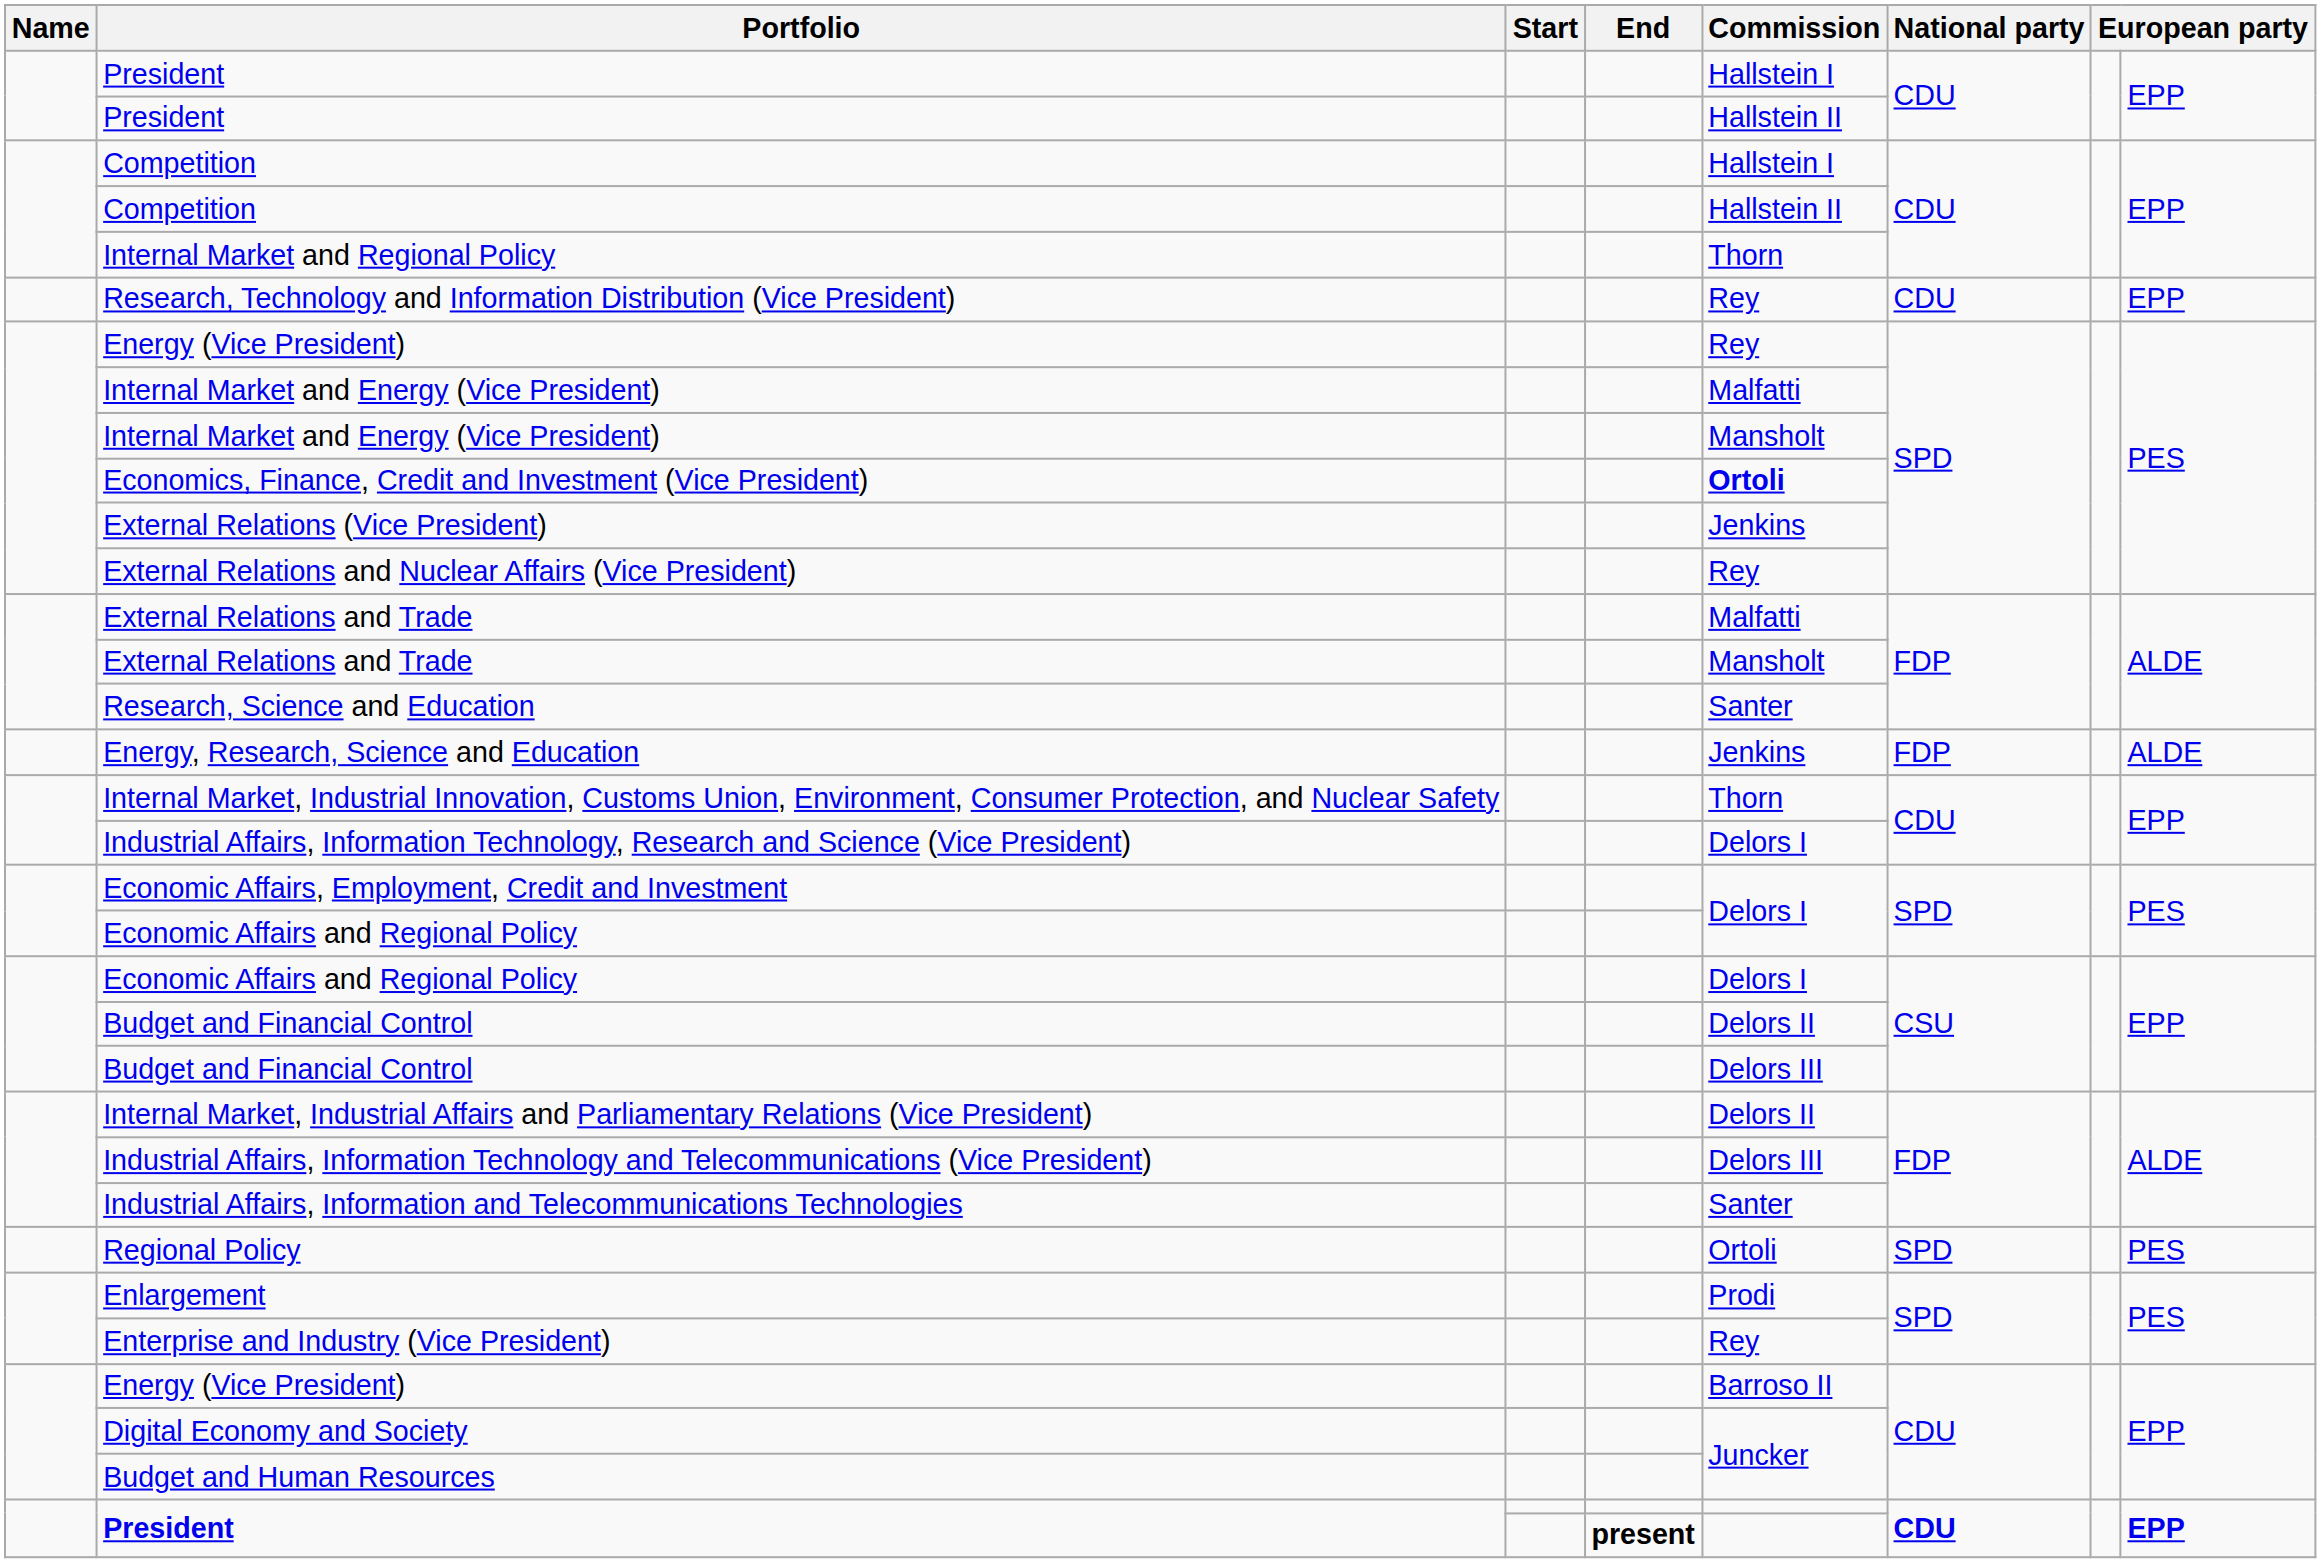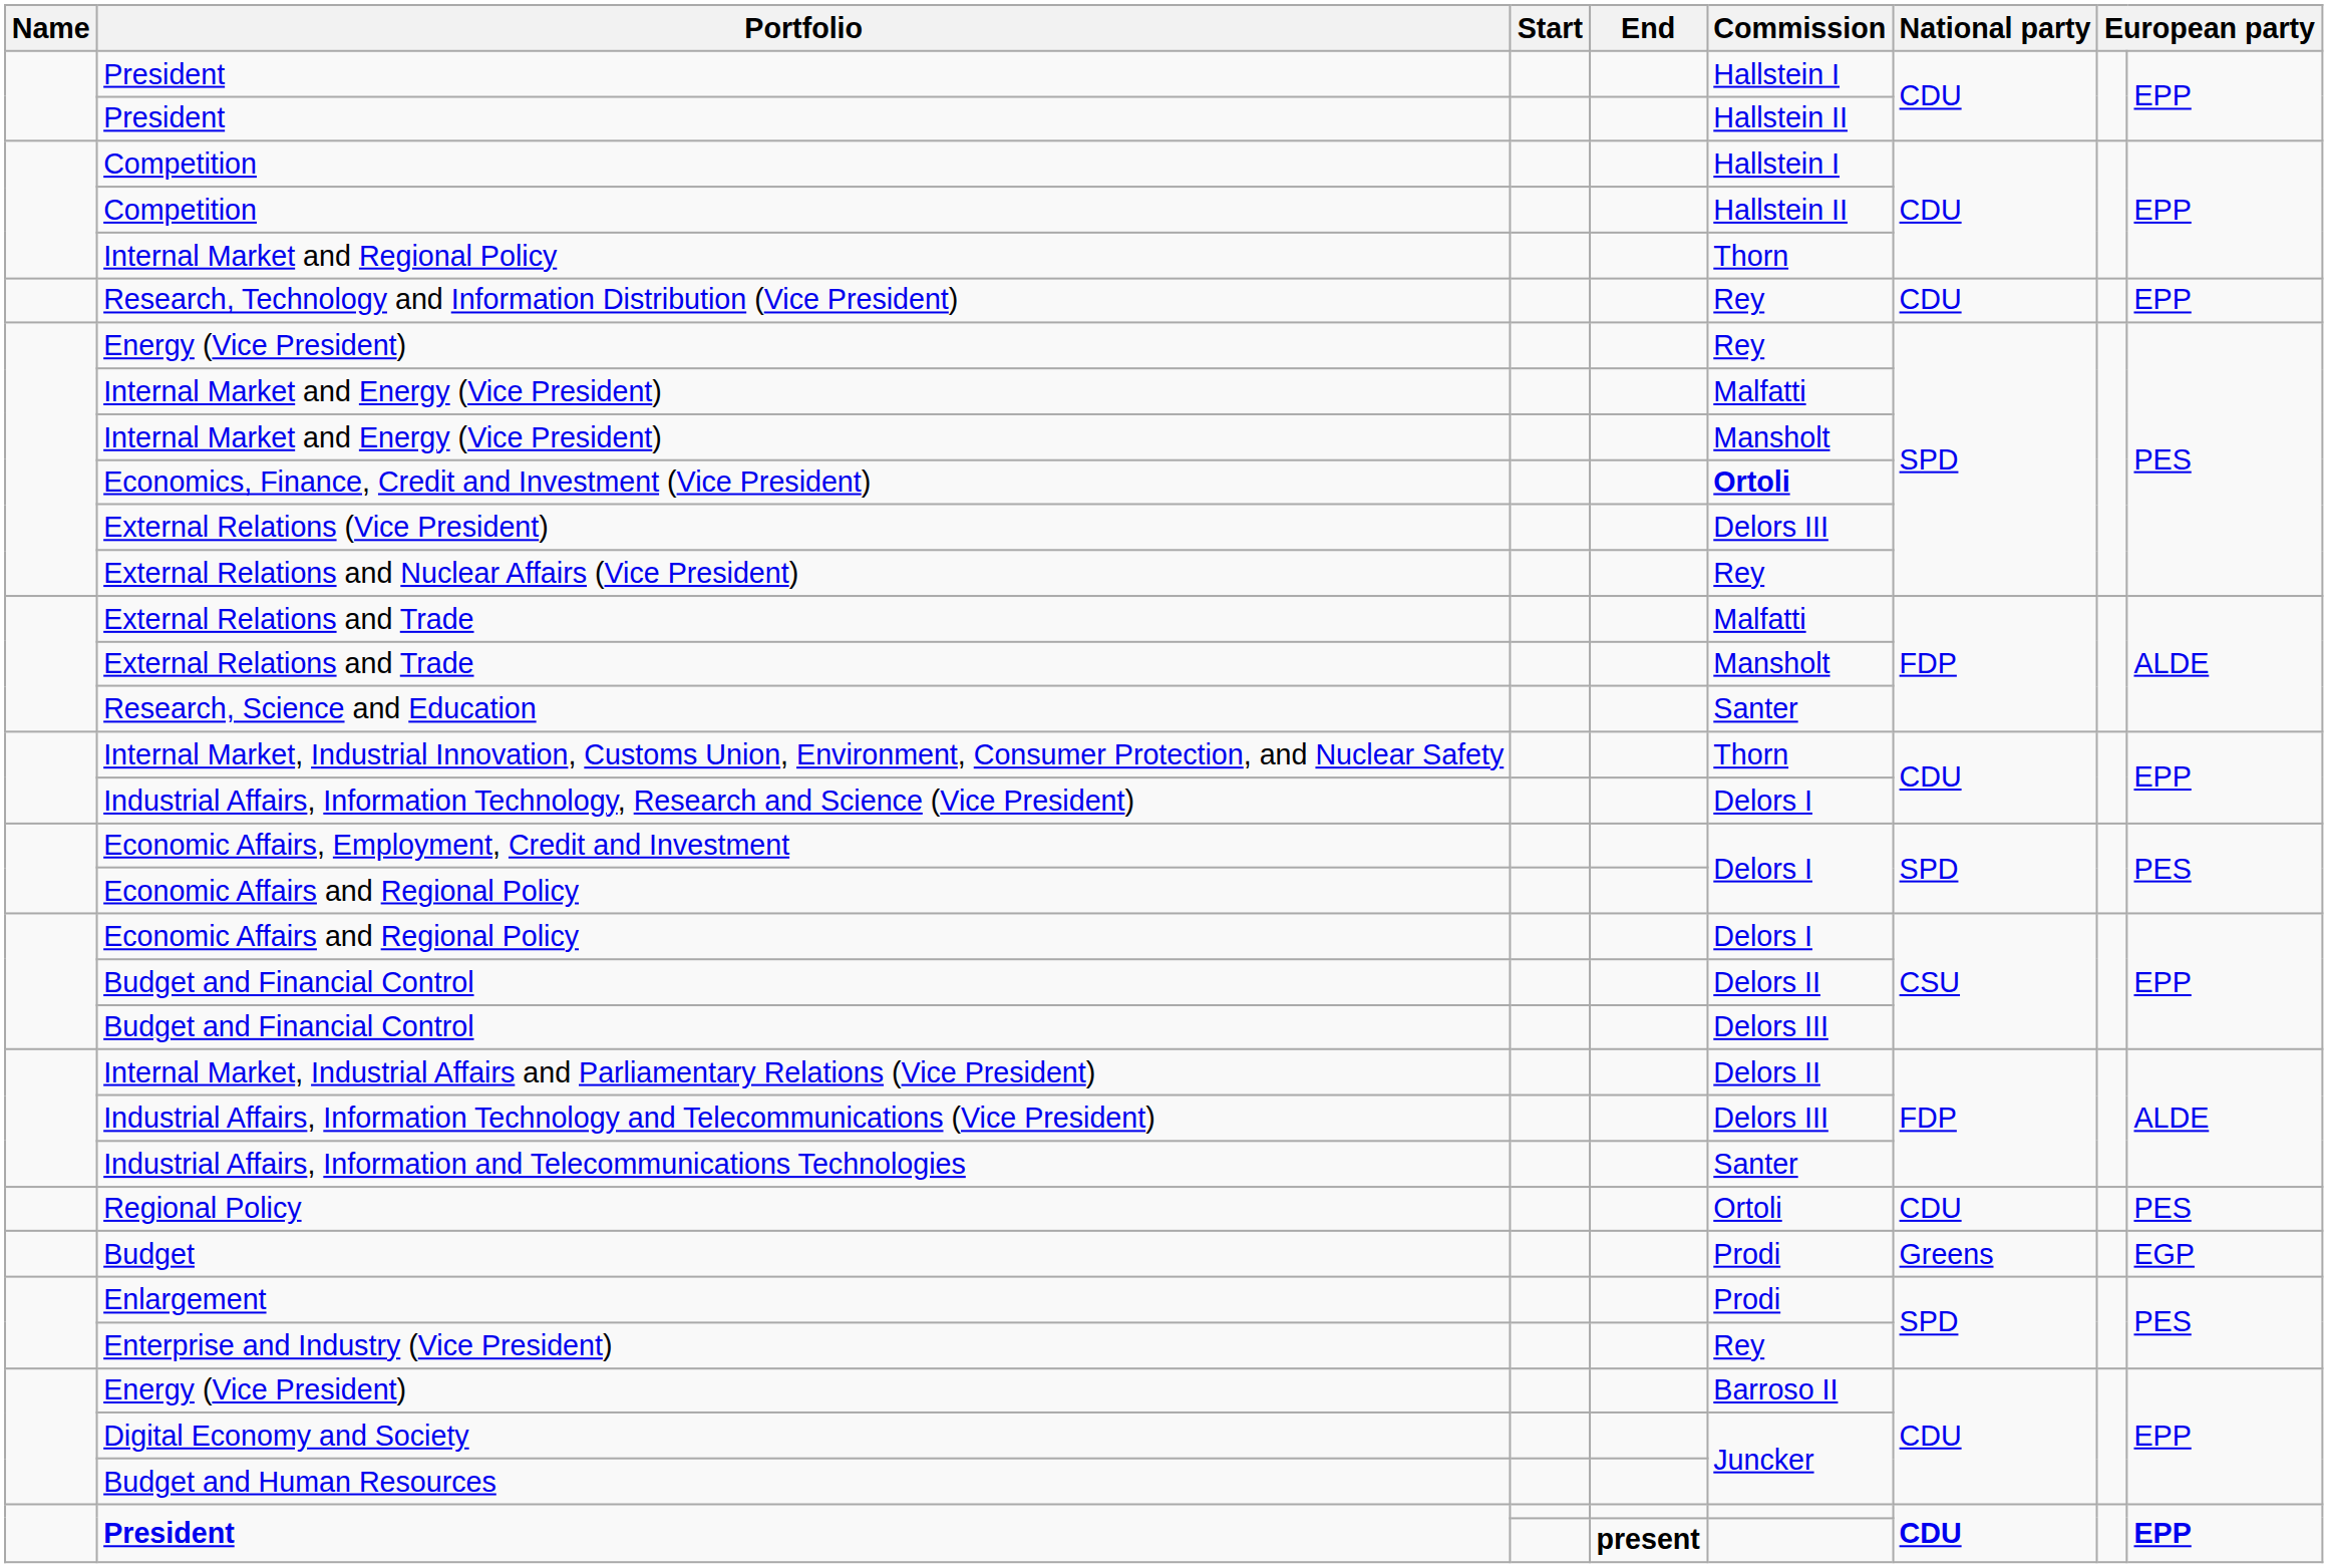 <table class="wikitable sortable" style="font-size: 90%;">
 <tr>
 <th>Name</th>
 <th>Portfolio</th>
 <th>Start</th>
 <th>End</th>
 <th>Commission</th>
 <th>National party</th>
 <th colspan=2>European party</th>
 </tr>
 <tr>
 <td rowspan=2></td>
 <td><a href='#'>President</a></td>
 <td></td>
 <td></td>
 <td><a href='#'>Hallstein I</a></td>
 <td rowspan=2><a href='#'>CDU</a></td>
 <td rowspan=2 style="background:"></td>
 <td rowspan=2><a href='#'>EPP</a></td>
 </tr>
 <tr>
 <td><a href='#'>President</a></td>
 <td></td>
 <td></td>
 <td><a href='#'>Hallstein II</a></td>
 </tr>
 <tr>
 <td rowspan=3></td>
 <td><a href='#'>Competition</a></td>
 <td></td>
 <td></td>
 <td><a href='#'>Hallstein I</a></td>
 <td rowspan=3><a href='#'>CDU</a></td>
 <td rowspan=3 style="background:"></td>
 <td rowspan=3><a href='#'>EPP</a></td>
 </tr>
 <tr>
 <td><a href='#'>Competition</a></td>
 <td></td>
 <td></td>
 <td><a href='#'>Hallstein II</a></td>
 </tr>
 <tr>
 <td><a href='#'>Internal Market</a> and <a href='#'>Regional Policy</a></td>
 <td></td>
 <td></td>
 <td><a href='#'>Thorn</a></td>
 </tr>
 <tr>
 <td></td>
 <td><a href='#'>Research, Technology</a> and <a href='#'>Information Distribution</a> (<a href='#'>Vice President</a>)</td>
 <td></td>
 <td></td>
 <td><a href='#'>Rey</a></td>
 <td><a href='#'>CDU</a></td>
 <td style="background:"></td>
 <td><a href='#'>EPP</a></td>
 </tr>
 <tr>
 <td rowspan=6></td>
 <td><a href='#'>Energy</a> (<a href='#'>Vice President</a>)</td>
 <td></td>
 <td></td>
 <td><a href='#'>Rey</a></td>
 <td rowspan=6><a href='#'>SPD</a></td>
 <td rowspan=6 style="background:"></td>
 <td rowspan=6><a href='#'>PES</a></td>
 </tr>
 <tr>
 <td><a href='#'>Internal Market</a> and <a href='#'>Energy</a> (<a href='#'>Vice President</a>)</td>
 <td></td>
 <td></td>
 <td><a href='#'>Malfatti</a></td>
 </tr>
 <tr>
 <td><a href='#'>Internal Market</a> and <a href='#'>Energy</a> (<a href='#'>Vice President</a>)</td>
 <td></td>
 <td></td>
 <td><a href='#'>Mansholt</a></td>
 </tr>
 <tr>
 <td><a href='#'>Economics, Finance</a>, <a href='#'>Credit and Investment</a> (<a href='#'>Vice President</a>)</td>
 <td></td>
 <td></td>
 <td><strong><a href='#'>Ortoli</a></strong></td>
 </tr>
 <tr>
 <td><a href='#'>External Relations</a> (<a href='#'>Vice President</a>)</td>
 <td></td>
 <td></td>
-<td><a href='#'>Jenkins</a></td>
+<td><a href='#'>Delors III</a></td>
 </tr>
 <tr>
 <td><a href='#'>External Relations</a> and <a href='#'>Nuclear Affairs</a> (<a href='#'>Vice President</a>)</td>
 <td></td>
 <td></td>
 <td><a href='#'>Rey</a></td>
 </tr>
 <tr>
 <td rowspan=3></td>
 <td><a href='#'>External Relations</a> and <a href='#'>Trade</a></td>
 <td></td>
 <td></td>
 <td><a href='#'>Malfatti</a></td>
 <td rowspan=3><a href='#'>FDP</a></td>
 <td rowspan=3 style="background:"></td>
 <td rowspan=3><a href='#'>ALDE</a></td>
 </tr>
 <tr>
 <td><a href='#'>External Relations</a> and <a href='#'>Trade</a></td>
 <td></td>
 <td></td>
 <td><a href='#'>Mansholt</a></td>
 </tr>
 <tr>
 <td><a href='#'>Research, Science</a> and <a href='#'>Education</a></td>
 <td></td>
 <td></td>
 <td><a href='#'>Santer</a></td>
-</tr>
-<tr>
-<td></td>
-<td><a href='#'>Energy</a>, <a href='#'>Research, Science</a> and <a href='#'>Education</a></td>
-<td></td>
-<td></td>
-<td><a href='#'>Jenkins</a></td>
-<td><a href='#'>FDP</a></td>
-<td style="background:"></td>
-<td><a href='#'>ALDE</a></td>
 </tr>
 <tr>
 <td rowspan=2></td>
 <td><a href='#'>Internal Market</a>, <a href='#'>Industrial Innovation</a>, <a href='#'>Customs Union</a>, <a href='#'>Environment</a>, <a href='#'>Consumer Protection</a>, and <a href='#'>Nuclear Safety</a></td>
 <td></td>
 <td></td>
 <td><a href='#'>Thorn</a></td>
 <td rowspan=2><a href='#'>CDU</a></td>
 <td rowspan=2 style="background:"></td>
 <td rowspan=2><a href='#'>EPP</a></td>
 </tr>
 <tr>
 <td><a href='#'>Industrial Affairs</a>, <a href='#'>Information Technology</a>, <a href='#'>Research and Science</a> (<a href='#'>Vice President</a>)</td>
 <td></td>
 <td></td>
 <td><a href='#'>Delors I</a></td>
 </tr>
 <tr>
 <td rowspan=2></td>
 <td><a href='#'>Economic Affairs</a>, <a href='#'>Employment</a>, <a href='#'>Credit and Investment</a></td>
 <td></td>
 <td></td>
 <td rowspan=2><a href='#'>Delors I</a></td>
 <td rowspan=2><a href='#'>SPD</a></td>
 <td rowspan=2 style="background:"></td>
 <td rowspan=2><a href='#'>PES</a></td>
 </tr>
 <tr>
 <td><a href='#'>Economic Affairs</a> and <a href='#'>Regional Policy</a></td>
 <td></td>
 <td></td>
 </tr>
 <tr>
 <td rowspan=3></td>
 <td><a href='#'>Economic Affairs</a> and <a href='#'>Regional Policy</a></td>
 <td></td>
 <td></td>
 <td><a href='#'>Delors I</a></td>
 <td rowspan=3><a href='#'>CSU</a></td>
 <td rowspan=3 style="background:"></td>
 <td rowspan=3><a href='#'>EPP</a></td>
 </tr>
 <tr>
 <td><a href='#'>Budget and Financial Control</a></td>
 <td></td>
 <td></td>
 <td><a href='#'>Delors II</a></td>
 </tr>
 <tr>
 <td><a href='#'>Budget and Financial Control</a></td>
 <td></td>
 <td></td>
 <td><a href='#'>Delors III</a></td>
 </tr>
 <tr>
 <td rowspan=3></td>
 <td><a href='#'>Internal Market</a>, <a href='#'>Industrial Affairs</a> and <a href='#'>Parliamentary Relations</a> (<a href='#'>Vice President</a>)</td>
 <td></td>
 <td></td>
 <td><a href='#'>Delors II</a></td>
 <td rowspan=3><a href='#'>FDP</a></td>
 <td rowspan=3 style="background:"></td>
 <td rowspan=3><a href='#'>ALDE</a></td>
 </tr>
 <tr>
 <td><a href='#'>Industrial Affairs</a>, <a href='#'>Information Technology and Telecommunications</a> (<a href='#'>Vice President</a>)</td>
 <td></td>
 <td></td>
 <td><a href='#'>Delors III</a></td>
 </tr>
 <tr>
 <td><a href='#'>Industrial Affairs</a>, <a href='#'>Information and Telecommunications Technologies</a></td>
 <td></td>
 <td></td>
 <td><a href='#'>Santer</a></td>
 </tr>
 <tr>
 <td></td>
 <td><a href='#'>Regional Policy</a></td>
 <td></td>
 <td></td>
 <td><a href='#'>Ortoli</a></td>
-<td><a href='#'>SPD</a></td>
+<td><a href='#'>CDU</a></td>
 <td style="background:"></td>
 <td><a href='#'>PES</a></td>
+</tr>
+<tr>
+<td></td>
+<td><a href='#'>Budget</a></td>
+<td></td>
+<td></td>
+<td><a href='#'>Prodi</a></td>
+<td><a href='#'>Greens</a></td>
+<td style="background:"></td>
+<td><a href='#'>EGP</a></td>
 </tr>
 <tr>
 <td rowspan=2></td>
 <td><a href='#'>Enlargement</a></td>
 <td></td>
 <td></td>
 <td><a href='#'>Prodi</a></td>
 <td rowspan=2><a href='#'>SPD</a></td>
 <td rowspan=2 style="background:"></td>
 <td rowspan=2><a href='#'>PES</a></td>
 </tr>
 <tr>
 <td><a href='#'>Enterprise and Industry</a> (<a href='#'>Vice President</a>)</td>
 <td></td>
 <td></td>
 <td><a href='#'>Rey</a></td>
 </tr>
 <tr>
 <td rowspan=3></td>
 <td><a href='#'>Energy</a> (<a href='#'>Vice President</a>)</td>
 <td></td>
 <td></td>
 <td><a href='#'>Barroso II</a></td>
 <td rowspan=3><a href='#'>CDU</a></td>
 <td rowspan=3 style="background:"></td>
 <td rowspan=3><a href='#'>EPP</a></td>
 </tr>
 <tr>
 <td><a href='#'>Digital Economy and Society</a></td>
 <td></td>
 <td></td>
 <td rowspan=2><a href='#'>Juncker</a></td>
 </tr>
 <tr>
 <td><a href='#'>Budget and Human Resources</a></td>
 <td></td>
 <td></td>
 </tr>
 <tr>
 <td rowspan=2><strong></strong></td>
 <td rowspan=2><strong><a href='#'>President</a></strong></td>
 <td></td>
 <td></td>
 <td></td>
 <td rowspan=2><strong><a href='#'>CDU</a></strong></td>
 <td rowspan=2 style="background:"></td>
 <td rowspan=2><strong><a href='#'>EPP</a></strong></td>
 </tr>
 <tr>
 <td rowspan=2><strong></strong></td>
 <td rowspan=2><strong>present</strong></td>
 <td><strong></strong></td>
 </tr>
 </table>
